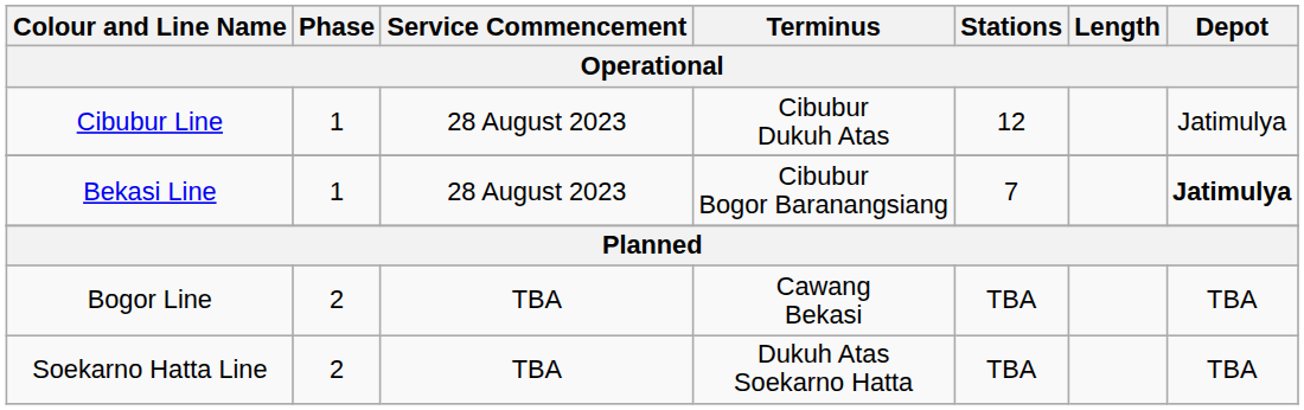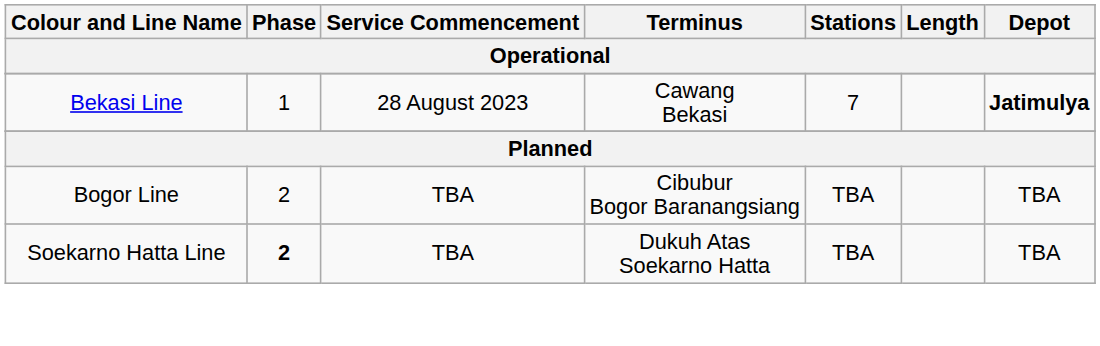 <table class="wikitable sortable" style="margin:auto; font-align:center; text-align:center; font-size:85%">
 <tr>
 <th>Colour and Line Name</th>
 <th>Phase</th>
 <th>Service Commencement</th>
 <th>Terminus</th>
 <th>Stations</th>
 <th>Length</th>
 <th>Depot</th>
 </tr>
 <tr align="center">
 <th colspan="7">Operational</th>
 </tr>
-<tr align="center">
-<td> <a href='#'>Cibubur Line</a></td>
-<td>1</td>
-<td>28 August 2023</td>
-<td>Cibubur<br>Dukuh Atas</td>
-<td>12</td>
-<td></td>
-<td>Jatimulya</td>
-</tr>
 <tr>
 </tr>
 <tr align="center">
 <td> <a href='#'>Bekasi Line</a></td>
 <td>1</td>
 <td>28 August 2023</td>
-<td>Cibubur<br>Bogor Baranangsiang</td>
+<td>Cawang<br>Bekasi</td>
 <td>7</td>
 <td></td>
 <td><strong>Jatimulya</strong></td>
 </tr>
 <tr>
 </tr>
 <tr align="center">
 <th colspan="7">Planned</th>
 </tr>
 <tr align="center">
 <td>Bogor Line</td>
 <td>2</td>
 <td>TBA</td>
-<td>Cawang<br>Bekasi</td>
+<td>Cibubur<br>Bogor Baranangsiang</td>
 <td>TBA</td>
 <td></td>
 <td>TBA</td>
 </tr>
 <tr align="center">
 <td>Soekarno Hatta Line</td>
-<td>2</td>
+<td><strong>2</strong></td>
 <td>TBA</td>
 <td>Dukuh Atas<br>Soekarno Hatta</td>
 <td>TBA</td>
 <td></td>
 <td>TBA</td>
 </tr>
 </table>
